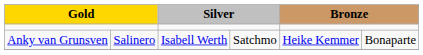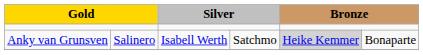 <table class="wikitable">
 <tr align="center">
 <td colspan=2 bgcolor="gold"><strong>Gold</strong></td>
 <td colspan=2 bgcolor="silver"><strong>Silver</strong></td>
 <td colspan=2 bgcolor="CC9966"><strong>Bronze</strong></td>
 </tr>
 <tr>
 <td colspan=2 align=center></td>
 <td colspan=2 align=center></td>
 <td colspan=2 align=center></td>
 </tr>
 <tr>
 <td><a href='#'>Anky van Grunsven</a></td>
 <td><a href='#'>Salinero</a></td>
 <td><a href='#'>Isabell Werth</a></td>
 <td>Satchmo</td>
-<td><a href='#'>Heike Kemmer</a></td>
+<td style="background: lightgrey;"><a href='#'>Heike Kemmer</a></td>
 <td>Bonaparte</td>
 </tr>
 <tr>
 </tr>
 </table>
